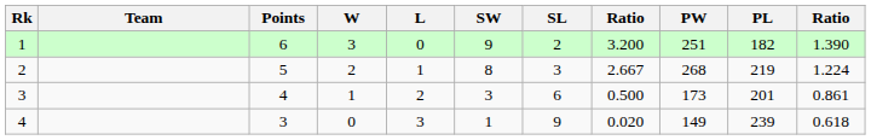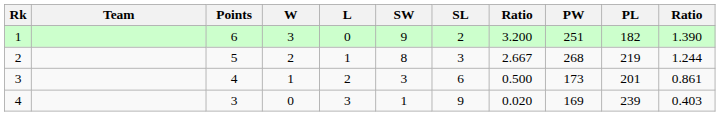 <table class=wikitable style=text-align:center>
 <tr>
 <th width=25>Rk</th>
 <th width=200>Team</th>
 <th width=60>Points</th>
 <th width=60>W</th>
 <th width=60>L</th>
 <th width=60>SW</th>
 <th width=60>SL</th>
 <th width=60>Ratio</th>
 <th width=60>PW</th>
 <th width=60>PL</th>
 <th width=60>Ratio</th>
 </tr>
 <tr style="background: #ccffcc">
 <td>1</td>
 <td align=left></td>
 <td>6</td>
 <td>3</td>
 <td>0</td>
 <td>9</td>
 <td>2</td>
 <td>3.200</td>
 <td>251</td>
 <td>182</td>
 <td>1.390</td>
 </tr>
 <tr>
 <td>2</td>
 <td align=left></td>
 <td>5</td>
 <td>2</td>
 <td>1</td>
 <td>8</td>
 <td>3</td>
 <td>2.667</td>
 <td>268</td>
 <td>219</td>
-<td>1.224</td>
+<td>1.244</td>
 </tr>
 <tr>
 <td>3</td>
 <td align=left></td>
 <td>4</td>
 <td>1</td>
 <td>2</td>
 <td>3</td>
 <td>6</td>
 <td>0.500</td>
 <td>173</td>
 <td>201</td>
 <td>0.861</td>
 </tr>
 <tr>
 <td>4</td>
 <td align=left></td>
 <td>3</td>
 <td>0</td>
 <td>3</td>
 <td>1</td>
 <td>9</td>
 <td>0.020</td>
-<td>149</td>
+<td>169</td>
 <td>239</td>
-<td>0.618</td>
+<td>0.403</td>
 </tr>
 </table>
